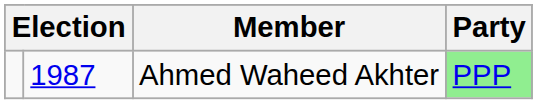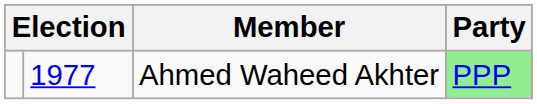 <table class="wikitable">
 <tr>
 <th colspan="2">Election</th>
 <th>Member</th>
 <th>Party</th>
 </tr>
 <tr>
 <td style="background-color: "></td>
-<td><a href='#'>1987</a></td>
+<td><a href='#'>1977</a></td>
 <td>Ahmed Waheed Akhter</td>
 <td style="background: lightgreen;"><a href='#'>PPP</a></td>
 </tr>
 </table>
